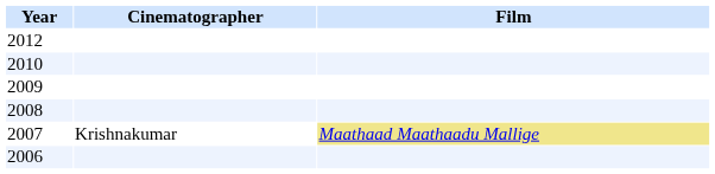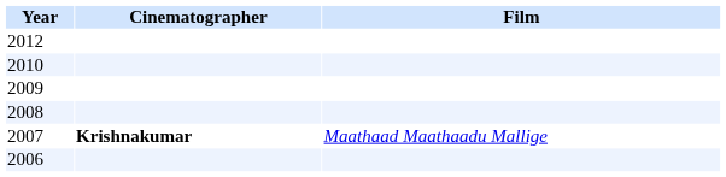 <table cellspacing="1" cellpadding="1" border="0" width="50%">
 <tr bgcolor="#d1e4fd">
 <th>Year</th>
 <th>Cinematographer</th>
 <th>Film</th>
 </tr>
 <tr>
 <td>2012</td>
 <td></td>
 <td></td>
 </tr>
 <tr bgcolor=#edf3fe>
 <td>2010</td>
 <td></td>
 <td></td>
 </tr>
 <tr>
 <td>2009</td>
 <td></td>
 <td></td>
 </tr>
 <tr bgcolor=#edf3fe>
 <td>2008</td>
 <td></td>
 <td></td>
 </tr>
 <tr>
 <td>2007</td>
-<td>Krishnakumar</td>
-<td style="background: khaki;"><em><a href='#'>Maathaad Maathaadu Mallige</a></em></td>
+<td><strong>Krishnakumar</strong></td>
+<td><em><a href='#'>Maathaad Maathaadu Mallige</a></em></td>
 </tr>
 <tr bgcolor=#edf3fe>
 <td>2006</td>
 <td></td>
 <td></td>
 </tr>
 <tr>
 </tr>
 </table>
